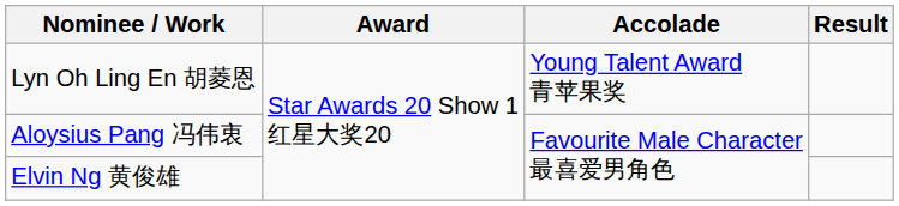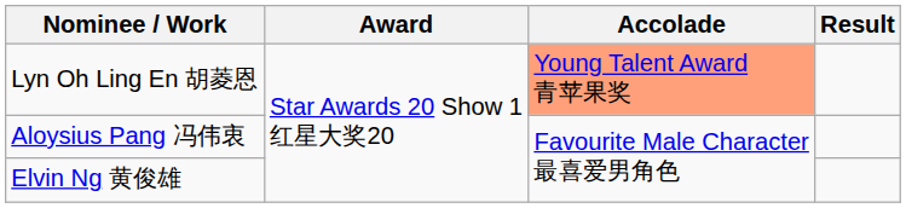 <table class="wikitable">
 <tr>
 <th>Nominee / Work</th>
 <th>Award</th>
 <th>Accolade</th>
 <th class="unsortable">Result</th>
 </tr>
 <tr>
 <td>Lyn Oh Ling En 胡菱恩</td>
 <td rowspan="3"><a href='#'>Star Awards 20</a> Show 1<br>红星大奖20</td>
-<td><a href='#'>Young Talent Award</a> <br> 青苹果奖</td>
+<td style="background: lightsalmon;"><a href='#'>Young Talent Award</a> <br> 青苹果奖</td>
 <td></td>
 </tr>
 <tr>
 <td><a href='#'>Aloysius Pang</a> 冯伟衷</td>
 <td rowspan="2"><a href='#'>Favourite Male Character</a> <br> 最喜爱男角色</td>
 <td></td>
 </tr>
 <tr>
 <td><a href='#'>Elvin Ng</a> 黄俊雄</td>
 <td></td>
 </tr>
 </table>
